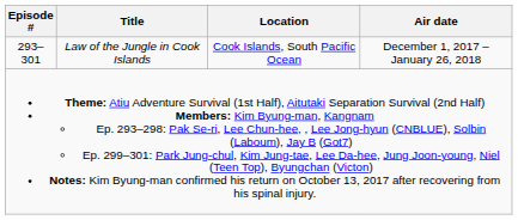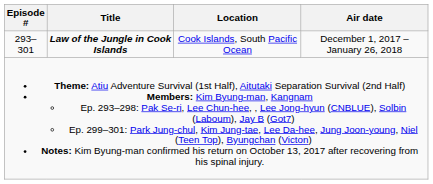 <table class="wikitable" style="text-align:center; font-size:90%; width:100%;">
 <tr>
 <th width="10%">Episode #</th>
 <th width="30%">Title</th>
 <th width="30%">Location</th>
 <th width="30%">Air date</th>
 </tr>
 <tr>
 <td>293–301</td>
-<td><em>Law of the Jungle in Cook Islands</em></td>
+<td><strong><em>Law of the Jungle in Cook Islands</em></strong></td>
 <td><a href='#'>Cook Islands</a>, South <a href='#'>Pacific Ocean</a></td>
 <td>December 1, 2017 – January 26, 2018</td>
 </tr>
 <tr>
 <td colspan="4"><br><ul><li><strong>Theme:</strong> <a href='#'>Atiu</a> Adventure Survival (1st Half), <a href='#'>Aitutaki</a> Separation Survival (2nd Half)</li><li><strong>Members:</strong> <a href='#'>Kim Byung-man</a>, <a href='#'>Kangnam</a><ul><li>Ep. 293–298: <a href='#'>Pak Se-ri</a>, <a href='#'>Lee Chun-hee</a>, , <a href='#'>Lee Jong-hyun</a> (<a href='#'>CNBLUE</a>), <a href='#'>Solbin</a> (<a href='#'>Laboum</a>), <a href='#'>Jay B</a> (<a href='#'>Got7</a>)</li><li>Ep. 299–301: <a href='#'>Park Jung-chul</a>, <a href='#'>Kim Jung-tae</a>, <a href='#'>Lee Da-hee</a>, <a href='#'>Jung Joon-young</a>, <a href='#'>Niel</a> (<a href='#'>Teen Top</a>), <a href='#'>Byungchan</a> (<a href='#'>Victon</a>)</li></ul></li><li><strong>Notes:</strong> Kim Byung-man confirmed his return on October 13, 2017 after recovering from his spinal injury.</li></ul></td>
 </tr>
 </table>
